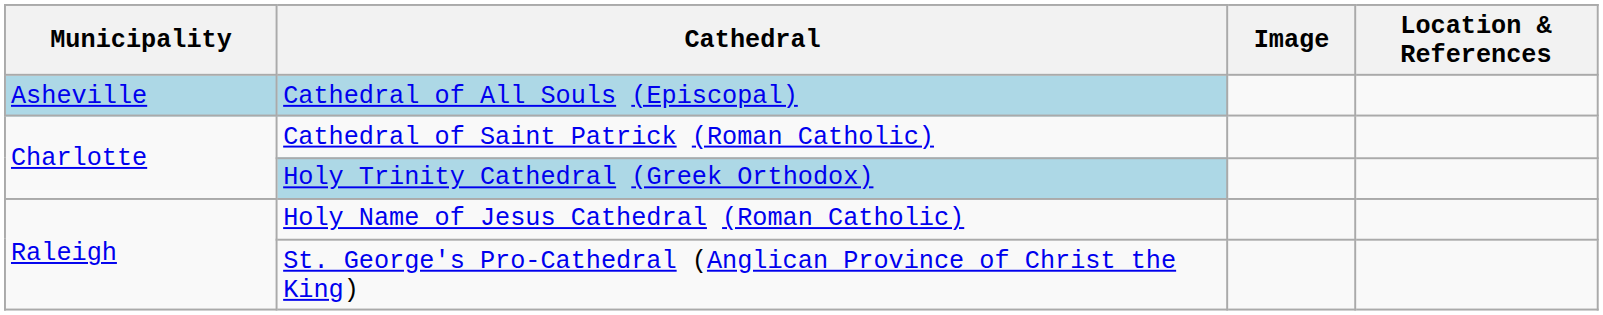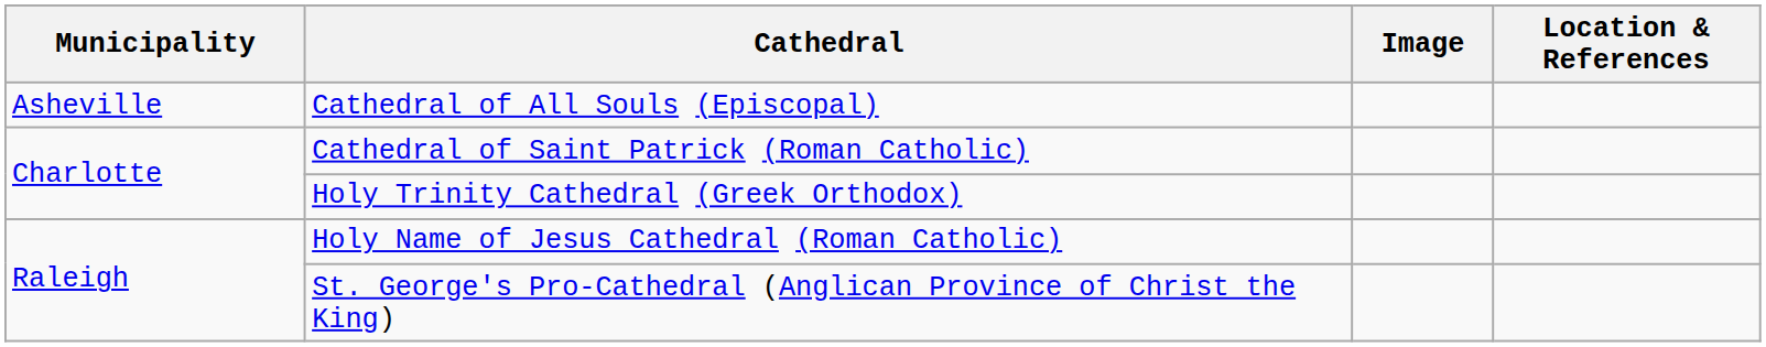 <table width=65% class="wikitable">
 <tr>
 <th width = 10%>Municipality</th>
 <th width = 40%>Cathedral</th>
 <th width = 5%>Image</th>
 <th width = 10%>Location & References</th>
 </tr>
 <tr>
-<td style="background: lightblue;"><a href='#'>Asheville</a></td>
-<td style="background: lightblue;"><a href='#'>Cathedral of All Souls</a> <a href='#'>(Episcopal)</a></td>
+<td><a href='#'>Asheville</a></td>
+<td><a href='#'>Cathedral of All Souls</a> <a href='#'>(Episcopal)</a></td>
 <td></td>
 <td><small></small><br></td>
 </tr>
 <tr>
 <td rowspan=2><a href='#'>Charlotte</a></td>
 <td><a href='#'>Cathedral of Saint Patrick</a> <a href='#'>(Roman Catholic)</a></td>
 <td></td>
 <td><small></small><br></td>
 </tr>
 <tr>
-<td style="background: lightblue;"><a href='#'>Holy Trinity Cathedral</a> <a href='#'>(Greek Orthodox)</a></td>
+<td><a href='#'>Holy Trinity Cathedral</a> <a href='#'>(Greek Orthodox)</a></td>
 <td></td>
 <td><small></small><br></td>
 </tr>
 <tr>
 <td rowspan=2><a href='#'>Raleigh</a></td>
 <td><a href='#'>Holy Name of Jesus Cathedral</a> <a href='#'>(Roman Catholic)</a></td>
 <td></td>
 <td><small></small><br></td>
 </tr>
 <tr>
 <td><a href='#'>St. George's Pro-Cathedral</a> (<a href='#'>Anglican Province of Christ the King</a>)</td>
 <td></td>
 <td><small></small><br></td>
 </tr>
 </table>
